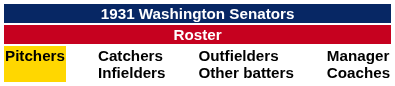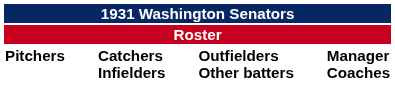 <table class="toccolours" style="font-size: 95%;">
 <tr>
 <th colspan="10" style="background-color: #072764; color: white; text-align: center;">1931 Washington Senators</th>
 </tr>
 <tr>
 <td colspan="10" style="background-color: #c6011f; color: white; text-align: center;"><strong>Roster</strong></td>
 </tr>
 <tr>
-<td valign="top" style="background: gold;"><strong>Pitchers</strong><br>          </td>
+<td valign="top"><strong>Pitchers</strong><br>          </td>
 <td width="25px"></td>
 <td valign="top"><strong>Catchers</strong><br>   <strong>Infielders</strong>        </td>
 <td width="25px"></td>
 <td valign="top"><strong>Outfielders</strong><br>      <strong>Other batters</strong>  </td>
 <td width="25px"></td>
 <td valign="top"><strong>Manager</strong><br> <strong>Coaches</strong>   </td>
 </tr>
 <tr>
 </tr>
 </table>
